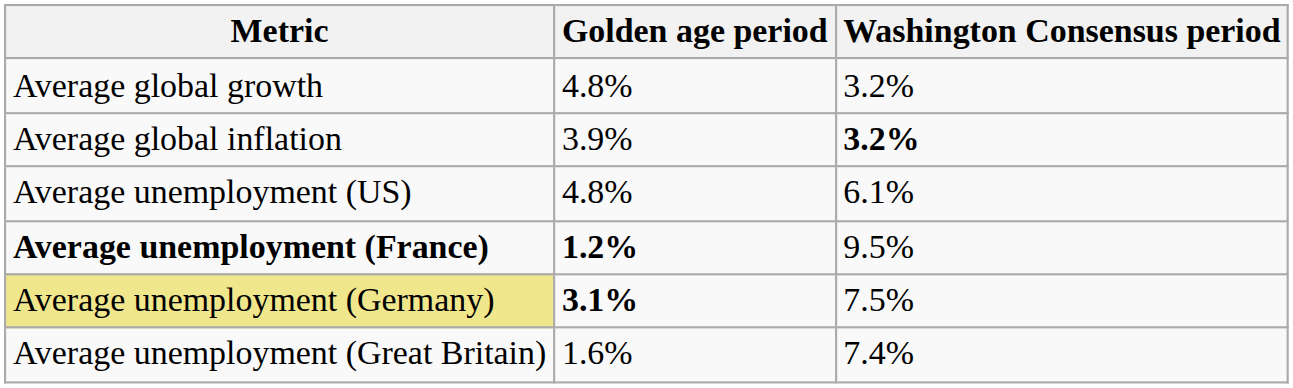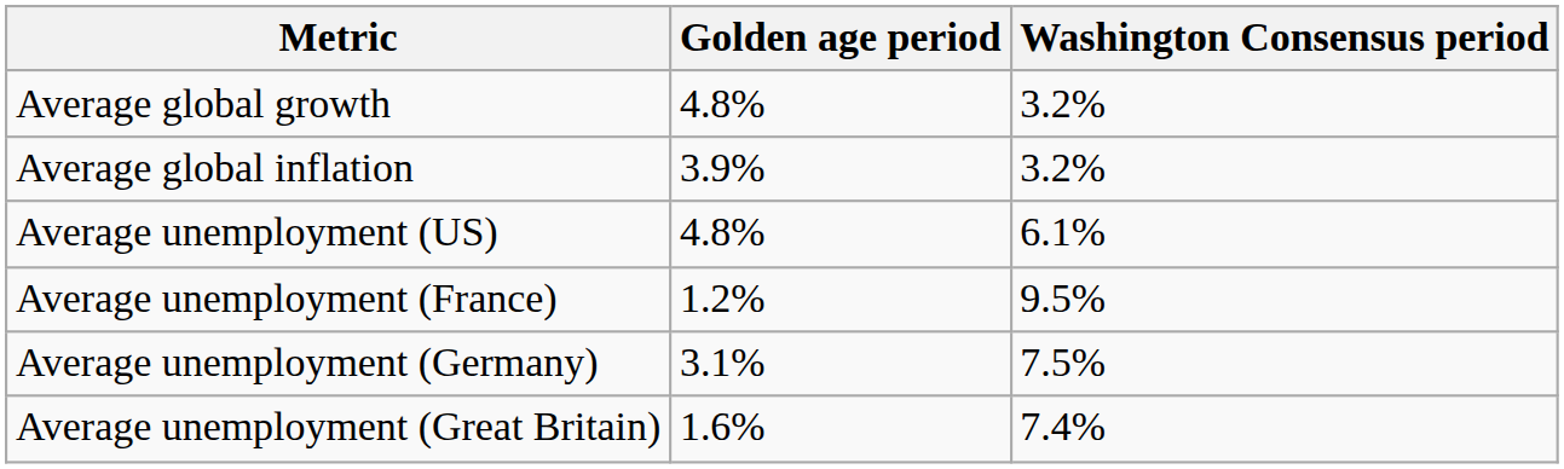 <table class="wikitable sortable">
 <tr>
 <th>Metric</th>
 <th>Golden age period</th>
 <th>Washington Consensus period</th>
 </tr>
 <tr>
 <td>Average global growth</td>
 <td>4.8%</td>
 <td>3.2%</td>
 </tr>
 <tr>
 <td>Average global inflation</td>
 <td>3.9%</td>
-<td><strong>3.2%</strong></td>
+<td>3.2%</td>
 </tr>
 <tr>
 <td>Average unemployment (US)</td>
 <td>4.8%</td>
 <td>6.1%</td>
 </tr>
 <tr>
-<td><strong>Average unemployment (France)</strong></td>
-<td><strong>1.2%</strong></td>
+<td>Average unemployment (France)</td>
+<td>1.2%</td>
 <td>9.5%</td>
 </tr>
 <tr>
-<td style="background: khaki;">Average unemployment (Germany)</td>
-<td><strong>3.1%</strong></td>
+<td>Average unemployment (Germany)</td>
+<td>3.1%</td>
 <td>7.5%</td>
 </tr>
 <tr>
 <td>Average unemployment (Great Britain)</td>
 <td>1.6%</td>
 <td>7.4%</td>
 </tr>
 </table>
